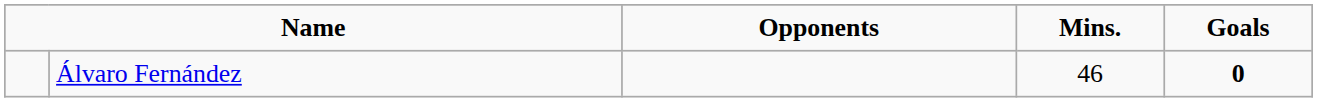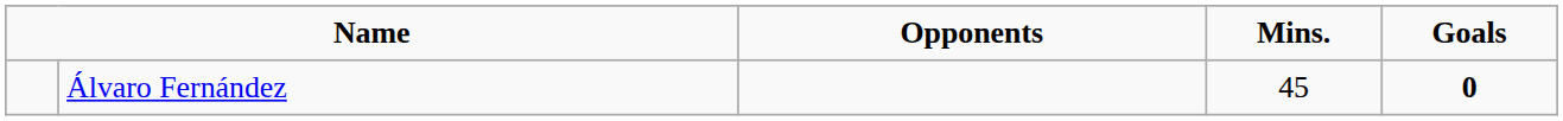 <table class= width=90% border="2" cellpadding="4" cellspacing="0" style="text-align=center: 1em 1em 1em 0; background: #f9f9f9; border: 1px #aaa solid; border-collapse: collapse; font-size: 95%;">
 <tr>
 <th width=25% colspan=2>Name</th>
 <th width=16%>Opponents</th>
 <th width=6%>Mins.</th>
 <th width=6%>Goals</th>
 </tr>
 <tr>
 <td align=center></td>
 <td><a href='#'>Álvaro Fernández</a></td>
 <td></td>
-<td align=center>46</td>
+<td align=center>45</td>
 <td align=center><strong>0</strong></td>
 </tr>
 </table>
